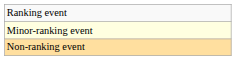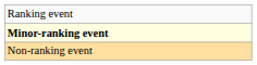 <table class="wikitable" style="font-size:90%; width:25%;">
 <tr>
 <td>Ranking event</td>
 </tr>
 <tr style="background:lightyellow;">
-<td> Minor-ranking event</td>
+<td><strong> Minor-ranking event</strong></td>
 </tr>
 <tr style="background:#ffdf9f;">
 <td> Non-ranking event</td>
 </tr>
 </table>
